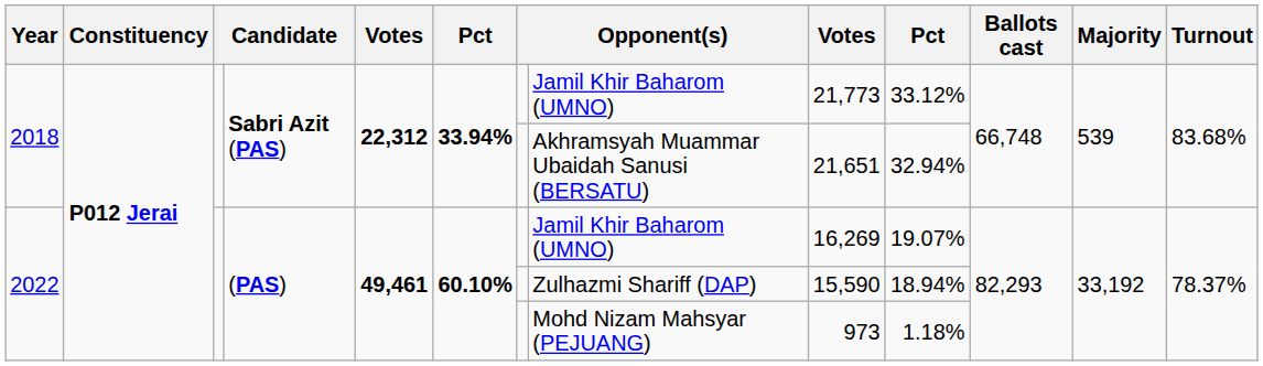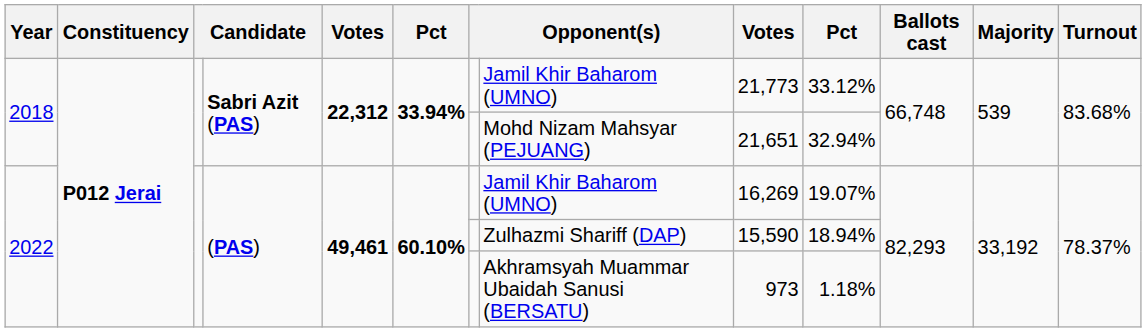 <table class="wikitable" style="margin:0.5em ; font-size:95%">
 <tr>
 <th>Year</th>
 <th>Constituency</th>
 <th colspan=2>Candidate</th>
 <th>Votes</th>
 <th>Pct</th>
 <th colspan=2>Opponent(s)</th>
 <th>Votes</th>
 <th>Pct</th>
 <th>Ballots cast</th>
 <th>Majority</th>
 <th>Turnout</th>
 </tr>
 <tr>
 <td rowspan=2><a href='#'>2018</a></td>
 <td rowspan="5"><strong>P012 <a href='#'>Jerai</a></strong></td>
 <td rowspan=2 ></td>
 <td rowspan=2><strong>Sabri Azit</strong> (<a href='#'><strong>PAS</strong></a>)</td>
 <td rowspan=2 align="right"><strong>22,312</strong></td>
 <td rowspan=2><strong>33.94%</strong></td>
 <td></td>
 <td><a href='#'>Jamil Khir Baharom</a> (<a href='#'>UMNO</a>)</td>
 <td align="right">21,773</td>
 <td>33.12%</td>
 <td rowspan=2>66,748</td>
 <td rowspan=2>539</td>
 <td rowspan=2>83.68%</td>
 </tr>
 <tr>
 <td></td>
-<td>Akhramsyah Muammar Ubaidah Sanusi (<a href='#'>BERSATU</a>)</td>
+<td>Mohd Nizam Mahsyar (<a href='#'>PEJUANG</a>)</td>
 <td align="right">21,651</td>
 <td>32.94%</td>
 </tr>
 <tr>
 <td rowspan=3><a href='#'>2022</a></td>
 <td rowspan=3 bgcolor=></td>
 <td rowspan=3> (<a href='#'><strong>PAS</strong></a>)</td>
 <td rowspan=3 align="right"><strong>49,461</strong></td>
 <td rowspan=3><strong>60.10%</strong></td>
 <td></td>
 <td><a href='#'>Jamil Khir Baharom</a> (<a href='#'>UMNO</a>)</td>
 <td align="right">16,269</td>
 <td>19.07%</td>
 <td rowspan=3>82,293</td>
 <td rowspan=3>33,192</td>
 <td rowspan=3>78.37%</td>
 </tr>
 <tr>
 <td></td>
 <td>Zulhazmi Shariff (<a href='#'>DAP</a>)</td>
 <td align="right">15,590</td>
 <td>18.94%</td>
 </tr>
 <tr>
 <td bgcolor=></td>
-<td>Mohd Nizam Mahsyar (<a href='#'>PEJUANG</a>)</td>
+<td>Akhramsyah Muammar Ubaidah Sanusi (<a href='#'>BERSATU</a>)</td>
 <td align="right">973</td>
 <td align=right>1.18%</td>
 </tr>
 </table>
